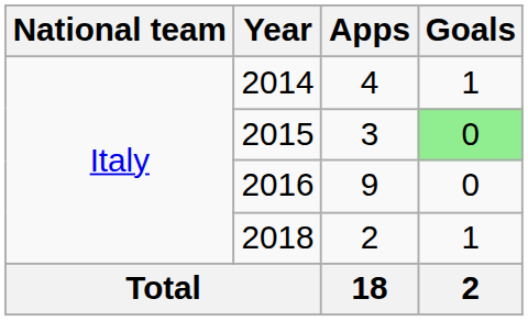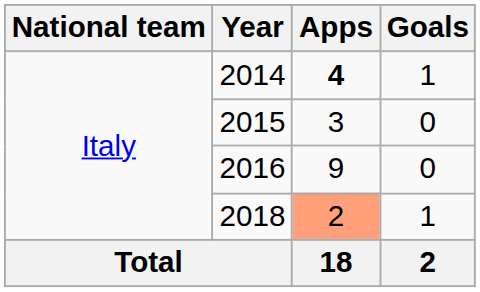 <table class="wikitable" style="text-align:center">
 <tr>
 <th>National team</th>
 <th>Year</th>
 <th>Apps</th>
 <th>Goals</th>
 </tr>
 <tr>
 <td rowspan="4"><a href='#'>Italy</a></td>
 <td>2014</td>
-<td>4</td>
+<td><strong>4</strong></td>
 <td>1</td>
 </tr>
 <tr>
 <td>2015</td>
 <td>3</td>
-<td style="background: lightgreen;">0</td>
+<td>0</td>
 </tr>
 <tr>
 <td>2016</td>
 <td>9</td>
 <td>0</td>
 </tr>
 <tr>
 <td>2018</td>
-<td>2</td>
+<td style="background: lightsalmon;">2</td>
 <td>1</td>
 </tr>
 <tr>
 <th colspan="2">Total</th>
 <th>18</th>
 <th>2</th>
 </tr>
 </table>
